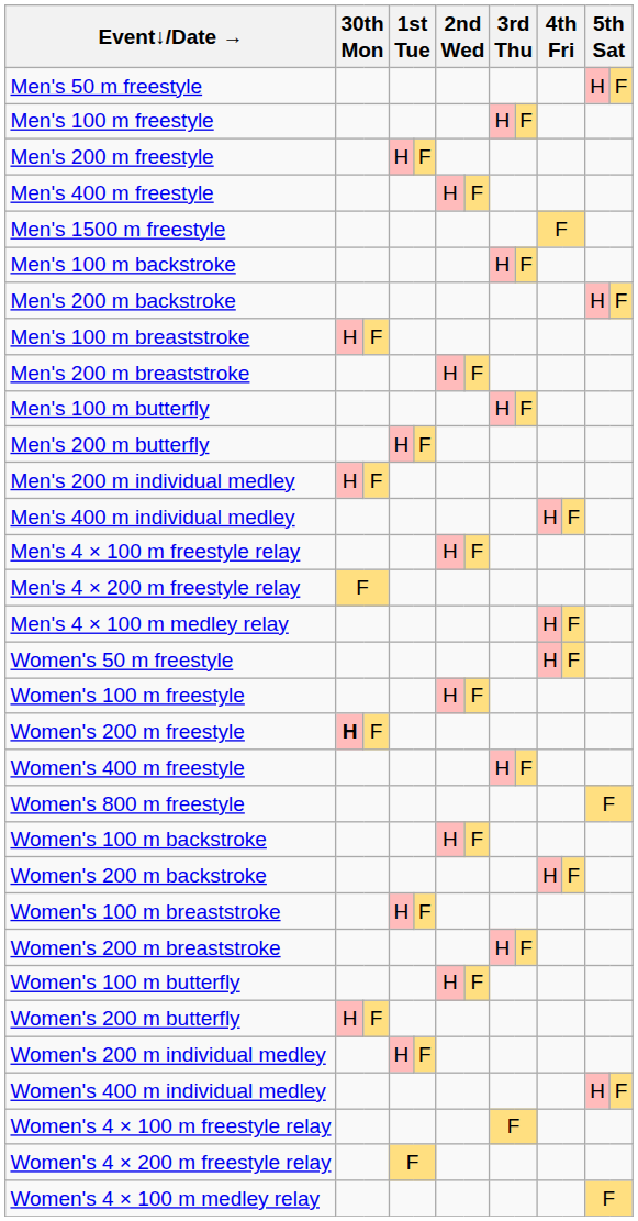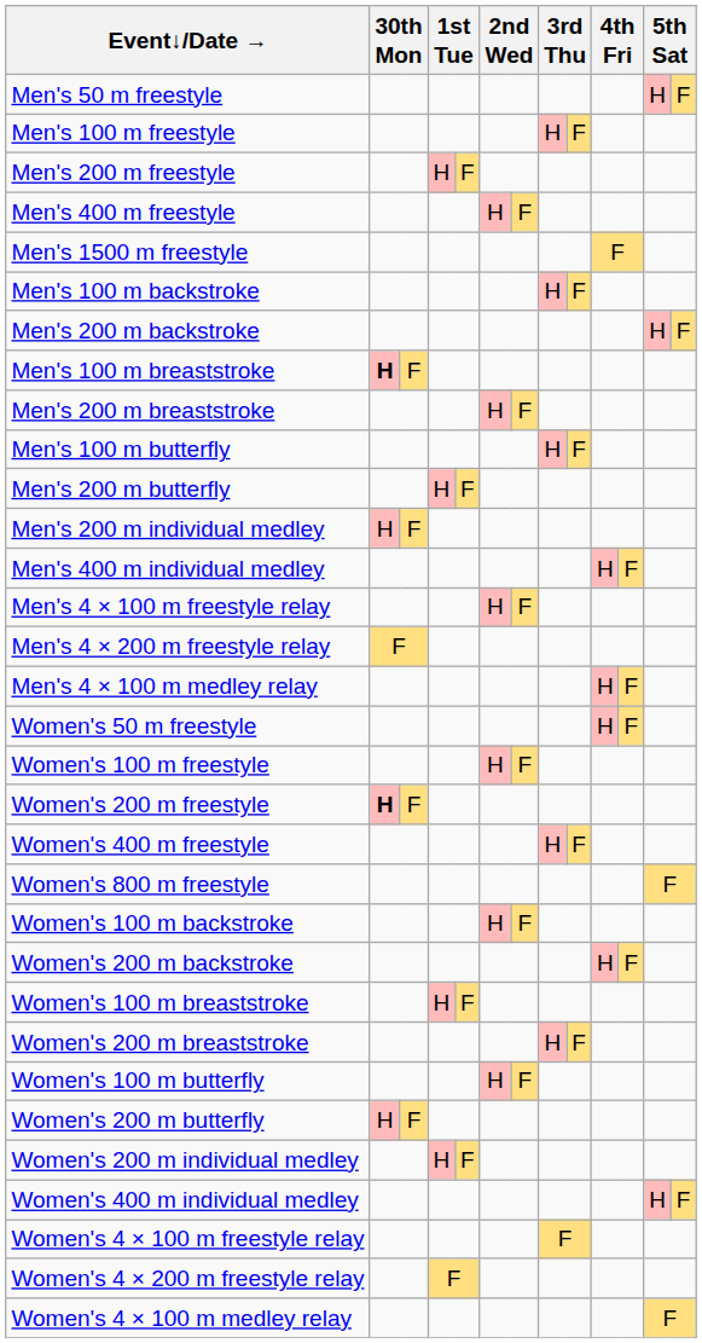 <table class="wikitable" style="margin:0.5em auto; font-size:90%; line-height:1.25em; text-align:center;">
 <tr>
 <th>Event↓/Date →</th>
 <th colspan=2>30th<br>Mon</th>
 <th colspan=2>1st<br>Tue</th>
 <th colspan=2>2nd<br>Wed</th>
 <th colspan=2>3rd<br>Thu</th>
 <th colspan=2>4th<br>Fri</th>
 <th colspan=2>5th<br>Sat</th>
 </tr>
 <tr>
 <td align="left"><a href='#'>Men's 50 m freestyle</a></td>
 <td colspan=2></td>
 <td colspan=2></td>
 <td colspan=2></td>
 <td colspan=2></td>
 <td colspan=2></td>
 <td bgcolor="#FFBBBB">H</td>
 <td bgcolor="#FFDF80">F</td>
 </tr>
 <tr>
 <td align="left"><a href='#'>Men's 100 m freestyle</a></td>
 <td colspan=2></td>
 <td colspan=2></td>
 <td colspan=2></td>
 <td bgcolor="#FFBBBB">H</td>
 <td bgcolor="#FFDF80">F</td>
 <td colspan=2></td>
 <td colspan=2></td>
 </tr>
 <tr>
 <td align="left"><a href='#'>Men's 200 m freestyle</a></td>
 <td colspan=2></td>
 <td bgcolor="#FFBBBB">H</td>
 <td bgcolor="#FFDF80">F</td>
 <td colspan=2></td>
 <td colspan=2></td>
 <td colspan=2></td>
 <td colspan=2></td>
 </tr>
 <tr>
 <td align="left"><a href='#'>Men's 400 m freestyle</a></td>
 <td colspan=2></td>
 <td colspan=2></td>
 <td bgcolor="#FFBBBB">H</td>
 <td bgcolor="#FFDF80">F</td>
 <td colspan=2></td>
 <td colspan=2></td>
 <td colspan=2></td>
 </tr>
 <tr>
 <td align="left"><a href='#'>Men's 1500 m freestyle</a></td>
 <td colspan=2></td>
 <td colspan=2></td>
 <td colspan=2></td>
 <td colspan=2></td>
 <td colspan=2 bgcolor="#FFDF80">F</td>
 <td colspan=2></td>
 </tr>
 <tr>
 <td align="left"><a href='#'>Men's 100 m backstroke</a></td>
 <td colspan=2></td>
 <td colspan=2></td>
 <td colspan=2></td>
 <td bgcolor="#FFBBBB">H</td>
 <td bgcolor="#FFDF80">F</td>
 <td colspan=2></td>
 <td colspan=2></td>
 </tr>
 <tr>
 <td align="left"><a href='#'>Men's 200 m backstroke</a></td>
 <td colspan=2></td>
 <td colspan=2></td>
 <td colspan=2></td>
 <td colspan=2></td>
 <td colspan=2></td>
 <td bgcolor="#FFBBBB">H</td>
 <td bgcolor="#FFDF80">F</td>
 </tr>
 <tr>
 <td align="left"><a href='#'>Men's 100 m breaststroke</a></td>
-<td bgcolor="#FFBBBB">H</td>
+<td bgcolor="#FFBBBB"><strong>H</strong></td>
 <td bgcolor="#FFDF80">F</td>
 <td colspan=2></td>
 <td colspan=2></td>
 <td colspan=2></td>
 <td colspan=2></td>
 <td colspan=2></td>
 </tr>
 <tr>
 <td align="left"><a href='#'>Men's 200 m breaststroke</a></td>
 <td colspan=2></td>
 <td colspan=2></td>
 <td bgcolor="#FFBBBB">H</td>
 <td bgcolor="#FFDF80">F</td>
 <td colspan=2></td>
 <td colspan=2></td>
 <td colspan=2></td>
 </tr>
 <tr>
 <td align="left"><a href='#'>Men's 100 m butterfly</a></td>
 <td colspan=2></td>
 <td colspan=2></td>
 <td colspan=2></td>
 <td bgcolor="#FFBBBB">H</td>
 <td bgcolor="#FFDF80">F</td>
 <td colspan=2></td>
 <td colspan=2></td>
 </tr>
 <tr>
 <td align="left"><a href='#'>Men's 200 m butterfly</a></td>
 <td colspan=2></td>
 <td bgcolor="#FFBBBB">H</td>
 <td bgcolor="#FFDF80">F</td>
 <td colspan=2></td>
 <td colspan=2></td>
 <td colspan=2></td>
 <td colspan=2></td>
 </tr>
 <tr>
 <td align="left"><a href='#'>Men's 200 m individual medley</a></td>
 <td bgcolor="#FFBBBB">H</td>
 <td bgcolor="#FFDF80">F</td>
 <td colspan=2></td>
 <td colspan=2></td>
 <td colspan=2></td>
 <td colspan=2></td>
 <td colspan=2></td>
 </tr>
 <tr>
 <td align="left"><a href='#'>Men's 400 m individual medley</a></td>
 <td colspan=2></td>
 <td colspan=2></td>
 <td colspan=2></td>
 <td colspan=2></td>
 <td bgcolor="#FFBBBB">H</td>
 <td bgcolor="#FFDF80">F</td>
 <td colspan=2></td>
 </tr>
 <tr>
 <td align="left"><a href='#'>Men's 4 × 100 m freestyle relay</a></td>
 <td colspan=2></td>
 <td colspan=2></td>
 <td bgcolor="#FFBBBB">H</td>
 <td bgcolor="#FFDF80">F</td>
 <td colspan=2></td>
 <td colspan=2></td>
 <td colspan=2></td>
 </tr>
 <tr>
 <td align="left"><a href='#'>Men's 4 × 200 m freestyle relay</a></td>
 <td colspan=2 bgcolor="#FFDF80">F</td>
 <td colspan=2></td>
 <td colspan=2></td>
 <td colspan=2></td>
 <td colspan=2></td>
 <td colspan=2></td>
 </tr>
 <tr>
 <td align="left"><a href='#'>Men's 4 × 100 m medley relay</a></td>
 <td colspan=2></td>
 <td colspan=2></td>
 <td colspan=2></td>
 <td colspan=2></td>
 <td bgcolor="#FFBBBB">H</td>
 <td bgcolor="#FFDF80">F</td>
 <td colspan=2></td>
 </tr>
 <tr>
 <td align="left"><a href='#'>Women's 50 m freestyle</a></td>
 <td colspan=2></td>
 <td colspan=2></td>
 <td colspan=2></td>
 <td colspan=2></td>
 <td bgcolor="#FFBBBB">H</td>
 <td bgcolor="#FFDF80">F</td>
 <td colspan=2></td>
 </tr>
 <tr>
 <td align="left"><a href='#'>Women's 100 m freestyle</a></td>
 <td colspan=2></td>
 <td colspan=2></td>
 <td bgcolor="#FFBBBB">H</td>
 <td bgcolor="#FFDF80">F</td>
 <td colspan=2></td>
 <td colspan=2></td>
 <td colspan=2></td>
 </tr>
 <tr>
 <td align="left"><a href='#'>Women's 200 m freestyle</a></td>
 <td bgcolor="#FFBBBB"><strong>H</strong></td>
 <td bgcolor="#FFDF80">F</td>
 <td colspan=2></td>
 <td colspan=2></td>
 <td colspan=2></td>
 <td colspan=2></td>
 <td colspan=2></td>
 </tr>
 <tr>
 <td align="left"><a href='#'>Women's 400 m freestyle</a></td>
 <td colspan=2></td>
 <td colspan=2></td>
 <td colspan=2></td>
 <td bgcolor="#FFBBBB">H</td>
 <td bgcolor="#FFDF80">F</td>
 <td colspan=2></td>
 <td colspan=2></td>
 </tr>
 <tr>
 <td align="left"><a href='#'>Women's 800 m freestyle</a></td>
 <td colspan=2></td>
 <td colspan=2></td>
 <td colspan=2></td>
 <td colspan=2></td>
 <td colspan=2></td>
 <td colspan=2 bgcolor="#FFDF80">F</td>
 </tr>
 <tr>
 <td align="left"><a href='#'>Women's 100 m backstroke</a></td>
 <td colspan=2></td>
 <td colspan=2></td>
 <td bgcolor="#FFBBBB">H</td>
 <td bgcolor="#FFDF80">F</td>
 <td colspan=2></td>
 <td colspan=2></td>
 <td colspan=2></td>
 </tr>
 <tr>
 <td align="left"><a href='#'>Women's 200 m backstroke</a></td>
 <td colspan=2></td>
 <td colspan=2></td>
 <td colspan=2></td>
 <td colspan=2></td>
 <td bgcolor="#FFBBBB">H</td>
 <td bgcolor="#FFDF80">F</td>
 <td colspan=2></td>
 </tr>
 <tr>
 <td align="left"><a href='#'>Women's 100 m breaststroke</a></td>
 <td colspan=2></td>
 <td bgcolor="#FFBBBB">H</td>
 <td bgcolor="#FFDF80">F</td>
 <td colspan=2></td>
 <td colspan=2></td>
 <td colspan=2></td>
 <td colspan=2></td>
 </tr>
 <tr>
 <td align="left"><a href='#'>Women's 200 m breaststroke</a></td>
 <td colspan=2></td>
 <td colspan=2></td>
 <td colspan=2></td>
 <td bgcolor="#FFBBBB">H</td>
 <td bgcolor="#FFDF80">F</td>
 <td colspan=2></td>
 <td colspan=2></td>
 </tr>
 <tr>
 <td align="left"><a href='#'>Women's 100 m butterfly</a></td>
 <td colspan=2></td>
 <td colspan=2></td>
 <td bgcolor="#FFBBBB">H</td>
 <td bgcolor="#FFDF80">F</td>
 <td colspan=2></td>
 <td colspan=2></td>
 <td colspan=2></td>
 </tr>
 <tr>
 <td align="left"><a href='#'>Women's 200 m butterfly</a></td>
 <td bgcolor="#FFBBBB">H</td>
 <td bgcolor="#FFDF80">F</td>
 <td colspan=2></td>
 <td colspan=2></td>
 <td colspan=2></td>
 <td colspan=2></td>
 <td colspan=2></td>
 </tr>
 <tr>
 <td align="left"><a href='#'>Women's 200 m individual medley</a></td>
 <td colspan=2></td>
 <td bgcolor="#FFBBBB">H</td>
 <td bgcolor="#FFDF80">F</td>
 <td colspan=2></td>
 <td colspan=2></td>
 <td colspan=2></td>
 <td colspan=2></td>
 </tr>
 <tr>
 <td align="left"><a href='#'>Women's 400 m individual medley</a></td>
 <td colspan=2></td>
 <td colspan=2></td>
 <td colspan=2></td>
 <td colspan=2></td>
 <td colspan=2></td>
 <td bgcolor="#FFBBBB">H</td>
 <td bgcolor="#FFDF80">F</td>
 </tr>
 <tr>
 <td align="left"><a href='#'>Women's 4 × 100 m freestyle relay</a></td>
 <td colspan=2></td>
 <td colspan=2></td>
 <td colspan=2></td>
 <td colspan=2 bgcolor="#FFDF80">F</td>
 <td colspan=2></td>
 <td colspan=2></td>
 </tr>
 <tr>
 <td align="left"><a href='#'>Women's 4 × 200 m freestyle relay</a></td>
 <td colspan=2></td>
 <td colspan=2 bgcolor="#FFDF80">F</td>
 <td colspan=2></td>
 <td colspan=2></td>
 <td colspan=2></td>
 <td colspan=2></td>
 </tr>
 <tr>
 <td align="left"><a href='#'>Women's 4 × 100 m medley relay</a></td>
 <td colspan=2></td>
 <td colspan=2></td>
 <td colspan=2></td>
 <td colspan=2></td>
 <td colspan=2></td>
 <td colspan=2 bgcolor="#FFDF80">F</td>
 </tr>
 </table>
